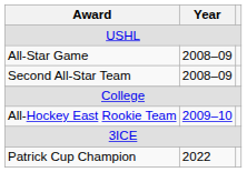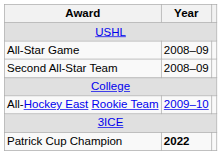 <table class="wikitable">
 <tr>
 <th>Award</th>
 <th>Year</th>
 <th></th>
 </tr>
 <tr ALIGN="center" bgcolor="#e0e0e0">
 <td colspan="3"><a href='#'>USHL</a></td>
 </tr>
 <tr>
 <td>All-Star Game</td>
 <td>2008–09</td>
 <td></td>
 </tr>
 <tr>
 <td>Second All-Star Team</td>
 <td>2008–09</td>
 <td></td>
 </tr>
 <tr ALIGN="center" bgcolor="#e0e0e0">
 <td colspan="3"><a href='#'>College</a></td>
 </tr>
 <tr>
 <td>All-<a href='#'>Hockey East</a> <a href='#'>Rookie Team</a></td>
 <td><a href='#'>2009–10</a></td>
 <td></td>
 </tr>
 <tr ALIGN="center" bgcolor="#e0e0e0">
 <td colspan="3"><a href='#'>3ICE</a></td>
 </tr>
 <tr>
 <td>Patrick Cup Champion</td>
-<td>2022</td>
+<td><strong>2022</strong></td>
 </tr>
 </table>
